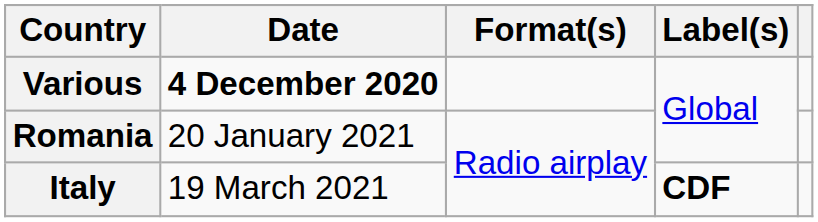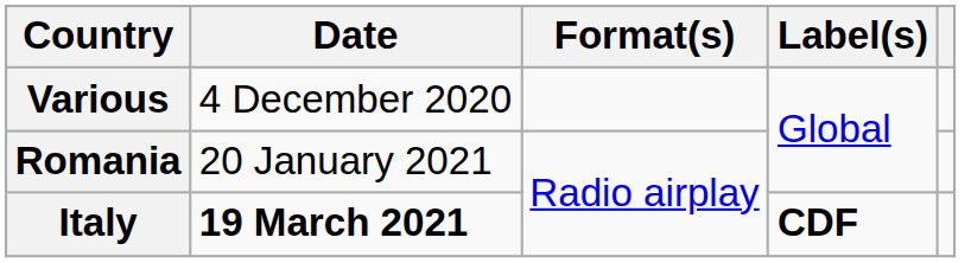 <table class="wikitable plainrowheaders">
 <tr>
 <th scope="col">Country</th>
 <th scope="col">Date</th>
 <th scope="col">Format(s)</th>
 <th scope="col">Label(s)</th>
 <th scope="col"></th>
 </tr>
 <tr>
 <th scope="row">Various</th>
-<td><strong>4 December 2020</strong></td>
+<td>4 December 2020</td>
 <td></td>
 <td rowspan="2"><a href='#'>Global</a></td>
 <td align="center"></td>
 </tr>
 <tr>
 <th scope="row">Romania</th>
 <td>20 January 2021</td>
 <td rowspan="2"><a href='#'>Radio airplay</a></td>
 <td align="center"></td>
 </tr>
 <tr>
 <th scope="row">Italy</th>
-<td>19 March 2021</td>
+<td><strong>19 March 2021</strong></td>
 <td><strong>CDF</strong></td>
 <td align="center"></td>
 </tr>
 </table>
